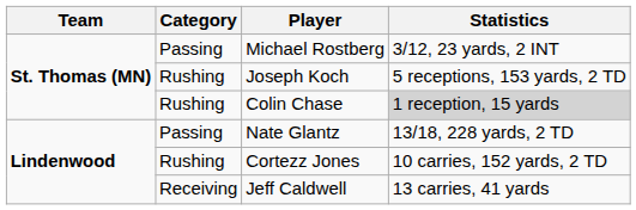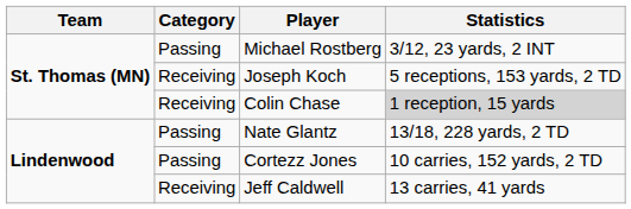 <table class="wikitable" style="float: right;">
 <tr>
 <th>Team</th>
 <th>Category</th>
 <th>Player</th>
 <th>Statistics</th>
 </tr>
 <tr>
 <td rowspan=3><strong>St. Thomas (MN)</strong></td>
 <td>Passing</td>
 <td>Michael Rostberg</td>
 <td>3/12, 23 yards, 2 INT</td>
 </tr>
 <tr>
-<td>Rushing</td>
+<td>Receiving</td>
 <td>Joseph Koch</td>
 <td>5 receptions, 153 yards, 2 TD</td>
 </tr>
 <tr>
-<td>Rushing</td>
+<td>Receiving</td>
 <td>Colin Chase</td>
 <td style="background: lightgrey;">1 reception, 15 yards</td>
 </tr>
 <tr>
 <td rowspan=3><strong>Lindenwood</strong></td>
 <td>Passing</td>
 <td>Nate Glantz</td>
 <td>13/18, 228 yards, 2 TD</td>
 </tr>
 <tr>
-<td>Rushing</td>
+<td>Passing</td>
 <td>Cortezz Jones</td>
 <td>10 carries, 152 yards, 2 TD</td>
 </tr>
 <tr>
 <td>Receiving</td>
 <td>Jeff Caldwell</td>
 <td>13 carries, 41 yards</td>
 </tr>
 </table>
